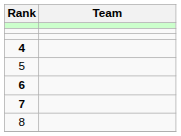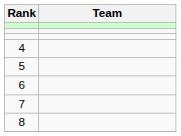 <table class="wikitable">
 <tr>
 <th width=40>Rank</th>
 <th width=180>Team</th>
 </tr>
 <tr bgcolor=#ccffcc>
 <td align=center></td>
 <td align="left"></td>
 </tr>
 <tr>
 <td align=center></td>
 <td align="left"></td>
 </tr>
 <tr>
 <td align=center></td>
 <td align="left"></td>
 </tr>
 <tr>
-<td align=center><strong>4</strong></td>
+<td align=center>4</td>
 <td align="left"></td>
 </tr>
 <tr>
 <td align=center>5</td>
 <td align="left"></td>
 </tr>
 <tr>
-<td align=center><strong>6</strong></td>
+<td align=center>6</td>
 <td align="left"></td>
 </tr>
 <tr>
-<td align=center><strong>7</strong></td>
+<td align=center>7</td>
 <td align="left"></td>
 </tr>
 <tr>
 <td align=center>8</td>
 <td align="left"></td>
 </tr>
 <tr>
 </tr>
 </table>
